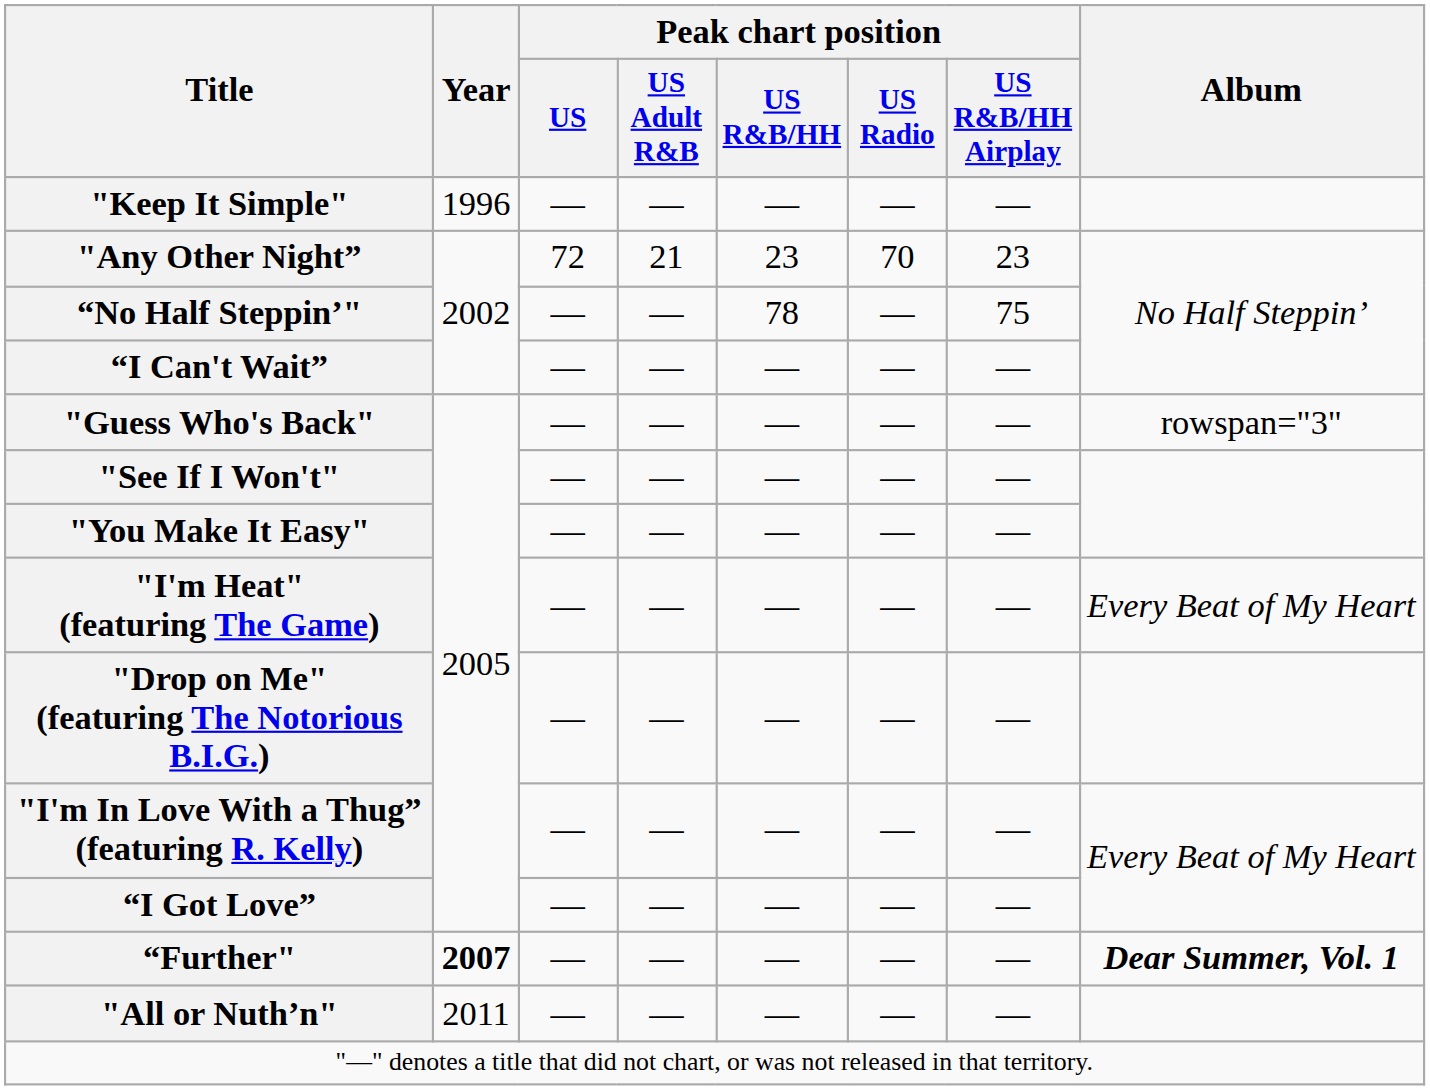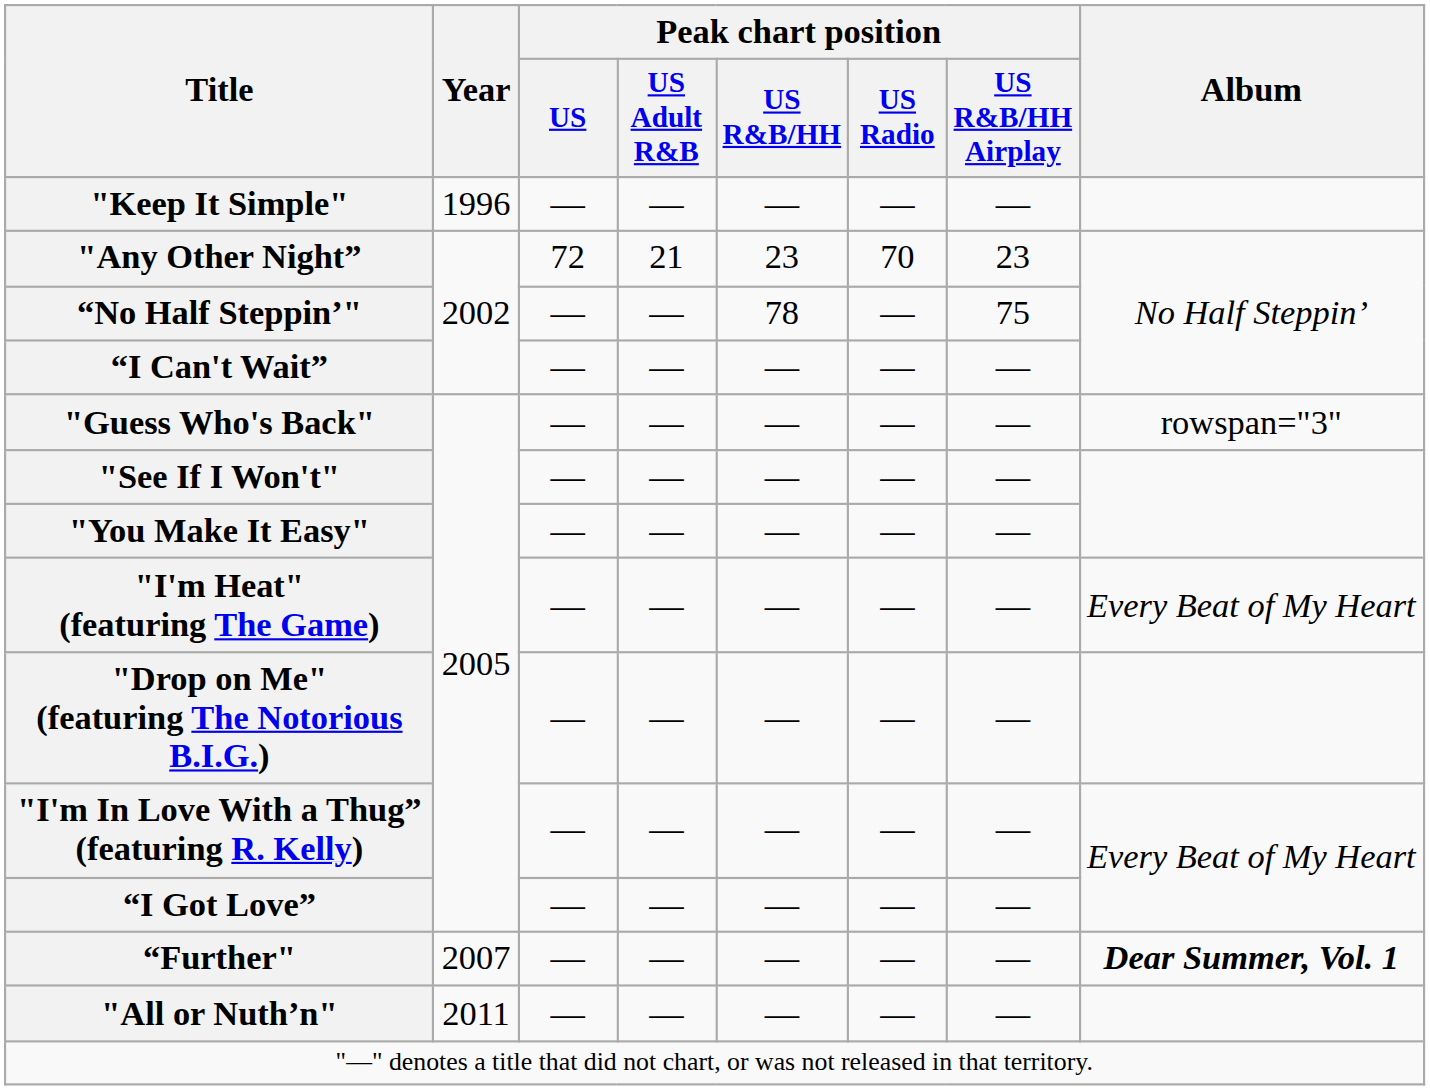 <table class="wikitable plainrowheaders" style="text-align:center;">
 <tr>
 <th scope="col" rowspan="2" style="width:12em;">Title</th>
 <th scope="col" rowspan="2">Year</th>
 <th scope="col" colspan="5">Peak chart position</th>
 <th scope="col" rowspan="2">Album</th>
 </tr>
 <tr>
 <th scope="col" style="width:2.9em;font-size:85%;"><a href='#'>US</a><br></th>
 <th scope="col" style="width:2.9em;font-size:85%;"><a href='#'>US<br>Adult R&B</a><br></th>
 <th scope="col" style="width:2.9em;font-size:85%;"><a href='#'>US<br>R&B/HH</a><br></th>
 <th scope="col" style="width:2.9em;font-size:85%;"><a href='#'>US<br>Radio</a><br></th>
 <th scope="col" style="width:2.9em;font-size:85%;"><a href='#'>US<br>R&B/HH Airplay</a><br></th>
 </tr>
 <tr>
 <th scope="row">"Keep It Simple"</th>
 <td rowspan="1">1996</td>
 <td>—</td>
 <td>—</td>
 <td>—</td>
 <td>—</td>
 <td>—</td>
 <td></td>
 </tr>
 <tr>
 <th scope="row">"Any Other Night”</th>
 <td rowspan="3">2002</td>
 <td>72</td>
 <td>21</td>
 <td>23</td>
 <td>70</td>
 <td>23</td>
 <td rowspan="3"><em>No Half Steppin’</em></td>
 </tr>
 <tr>
 <th scope="row">“No Half Steppin’"</th>
 <td>—</td>
 <td>—</td>
 <td>78</td>
 <td>—</td>
 <td>75</td>
 </tr>
 <tr>
 <th scope="row">“I Can't Wait”</th>
 <td>—</td>
 <td>—</td>
 <td>—</td>
 <td>—</td>
 <td>—</td>
 </tr>
 <tr>
 <th scope="row">"Guess Who's Back"</th>
 <td rowspan="7">2005</td>
 <td>—</td>
 <td>—</td>
 <td>—</td>
 <td>—</td>
 <td>—</td>
 <td>rowspan="3" </td>
 </tr>
 <tr>
 <th scope="row">"See If I Won't"</th>
 <td>—</td>
 <td>—</td>
 <td>—</td>
 <td>—</td>
 <td>—</td>
 </tr>
 <tr>
 <th scope="row">"You Make It Easy"</th>
 <td>—</td>
 <td>—</td>
 <td>—</td>
 <td>—</td>
 <td>—</td>
 </tr>
 <tr>
 <th scope="row">"I'm Heat"<br><span>(featuring <a href='#'>The Game</a>)</span></th>
 <td>—</td>
 <td>—</td>
 <td>—</td>
 <td>—</td>
 <td>—</td>
 <td><em>Every Beat of My Heart</em></td>
 </tr>
 <tr>
 <th scope="row">"Drop on Me"<br><span>(featuring <a href='#'>The Notorious B.I.G.</a>)</span></th>
 <td>—</td>
 <td>—</td>
 <td>—</td>
 <td>—</td>
 <td>—</td>
 <td></td>
 </tr>
 <tr>
 <th scope="row">"I'm In Love With a Thug”<br><span>(featuring <a href='#'>R. Kelly</a>)</span></th>
 <td>—</td>
 <td>—</td>
 <td>—</td>
 <td>—</td>
 <td>—</td>
 <td rowspan="2"><em>Every Beat of My Heart</em></td>
 </tr>
 <tr>
 <th scope="row">“I Got Love”</th>
 <td>—</td>
 <td>—</td>
 <td>—</td>
 <td>—</td>
 <td>—</td>
 </tr>
 <tr>
 <th scope="row">“Further"</th>
-<td><strong>2007</strong></td>
+<td>2007</td>
 <td>—</td>
 <td>—</td>
 <td>—</td>
 <td>—</td>
 <td>—</td>
 <td><strong><em>Dear Summer, Vol. 1</em></strong></td>
 </tr>
 <tr>
 <th scope="row">"All or Nuth’n"</th>
 <td rowspan="1">2011</td>
 <td>—</td>
 <td>—</td>
 <td>—</td>
 <td>—</td>
 <td>—</td>
 <td></td>
 </tr>
 <tr>
 <td colspan="14" style="font-size:9pt">"—" denotes a title that did not chart, or was not released in that territory.</td>
 </tr>
 </table>
